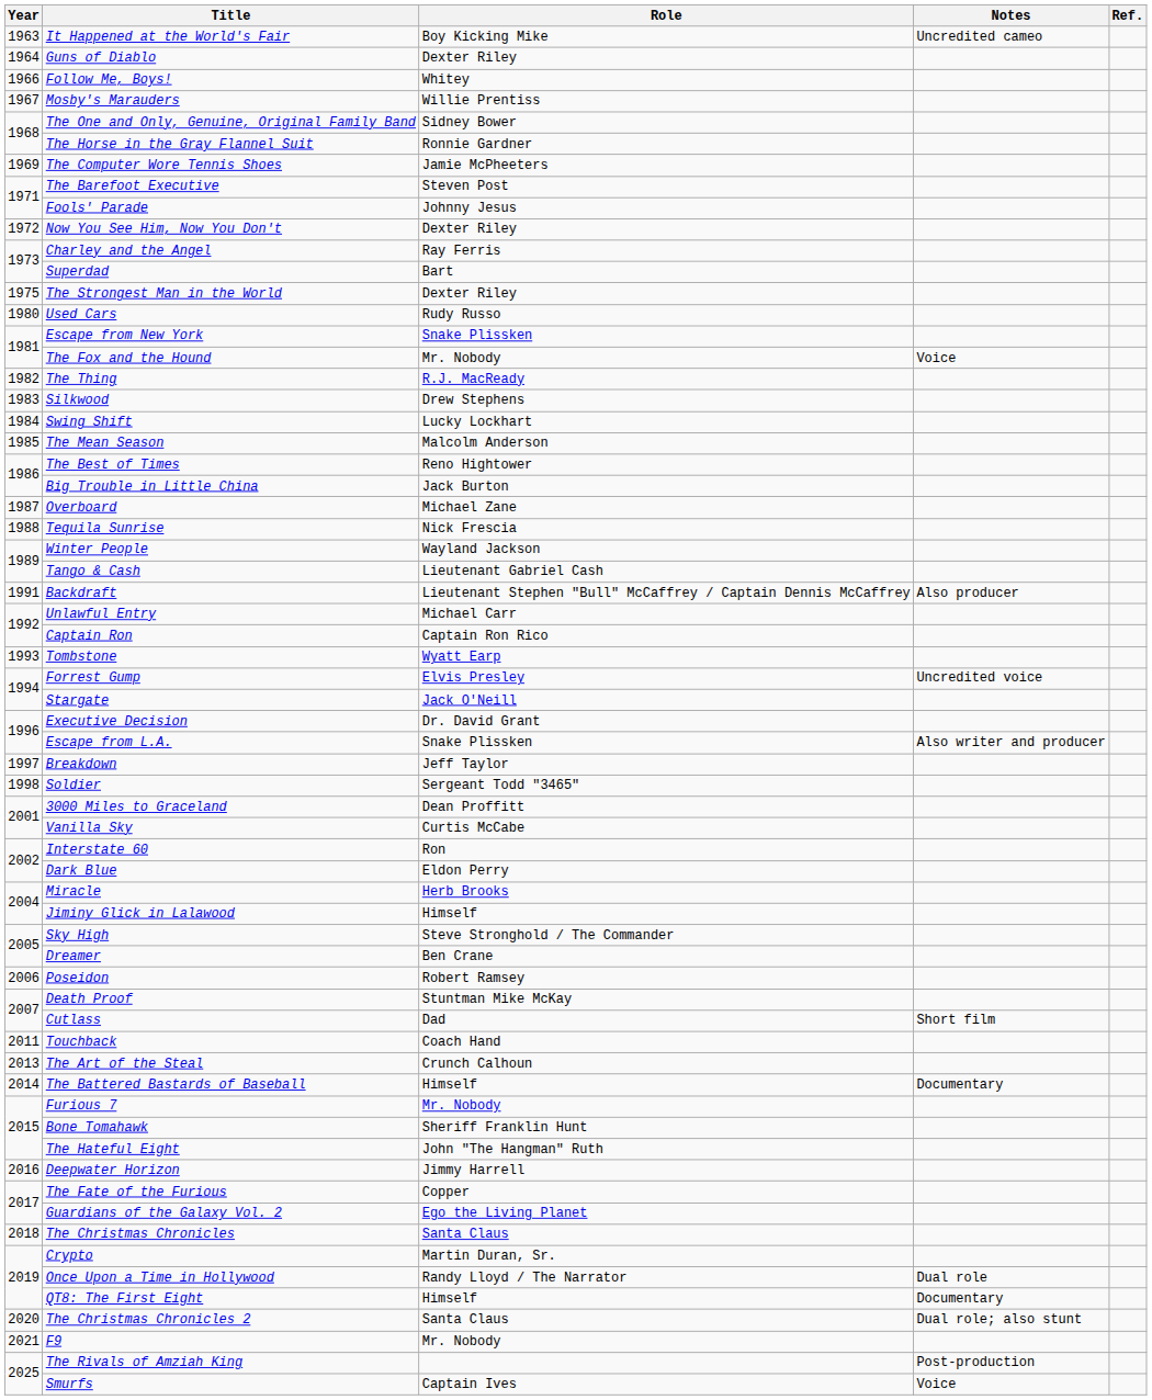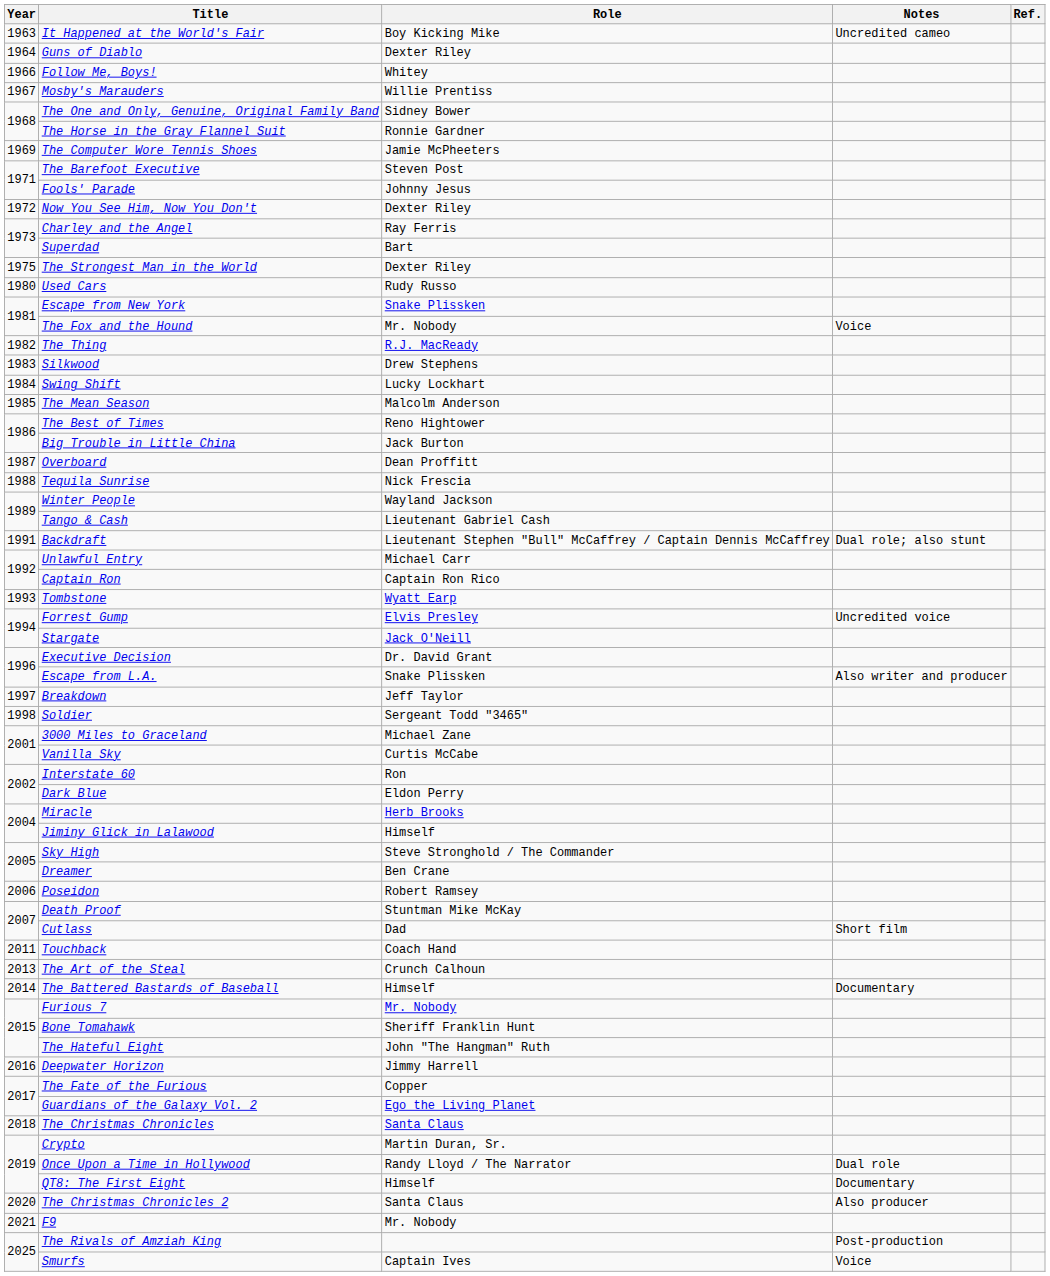 <table class="wikitable sortable plainrowheaders">
 <tr>
 <th>Year</th>
 <th>Title</th>
 <th>Role</th>
 <th>Notes</th>
 <th>Ref.</th>
 </tr>
 <tr>
 <td>1963</td>
 <td><em><a href='#'>It Happened at the World's Fair</a></em></td>
 <td>Boy Kicking Mike</td>
 <td>Uncredited cameo</td>
 <td align="center"></td>
 </tr>
 <tr>
 <td>1964</td>
 <td><em><a href='#'>Guns of Diablo</a></em></td>
 <td>Dexter Riley</td>
 <td></td>
 <td align="center"></td>
 </tr>
 <tr>
 <td>1966</td>
 <td><em><a href='#'>Follow Me, Boys!</a></em></td>
 <td>Whitey</td>
 <td></td>
 <td align="center"></td>
 </tr>
 <tr>
 <td>1967</td>
 <td><em><a href='#'>Mosby's Marauders</a></em></td>
 <td>Willie Prentiss</td>
 <td></td>
 <td align="center"></td>
 </tr>
 <tr>
 <td rowspan="2">1968</td>
 <td><em><a href='#'>The One and Only, Genuine, Original Family Band</a></em></td>
 <td>Sidney Bower</td>
 <td></td>
 <td align="center"></td>
 </tr>
 <tr>
 <td><em><a href='#'>The Horse in the Gray Flannel Suit</a></em></td>
 <td>Ronnie Gardner</td>
 <td></td>
 <td align="center"></td>
 </tr>
 <tr>
 <td>1969</td>
 <td><em><a href='#'>The Computer Wore Tennis Shoes</a></em></td>
 <td>Jamie McPheeters</td>
 <td></td>
 <td align="center"></td>
 </tr>
 <tr>
 <td rowspan="2">1971</td>
 <td><em><a href='#'>The Barefoot Executive</a></em></td>
 <td>Steven Post</td>
 <td></td>
 <td align="center"></td>
 </tr>
 <tr>
 <td><em><a href='#'>Fools' Parade</a></em></td>
 <td>Johnny Jesus</td>
 <td></td>
 <td align="center"></td>
 </tr>
 <tr>
 <td>1972</td>
 <td><em><a href='#'>Now You See Him, Now You Don't</a></em></td>
 <td>Dexter Riley</td>
 <td></td>
 <td align="center"></td>
 </tr>
 <tr>
 <td rowspan="2">1973</td>
 <td><em><a href='#'>Charley and the Angel</a></em></td>
 <td>Ray Ferris</td>
 <td></td>
 <td align="center"></td>
 </tr>
 <tr>
 <td><em><a href='#'>Superdad</a></em></td>
 <td>Bart</td>
 <td></td>
 <td align="center"></td>
 </tr>
 <tr>
 <td>1975</td>
 <td><em><a href='#'>The Strongest Man in the World</a></em></td>
 <td>Dexter Riley</td>
 <td></td>
 <td align="center"></td>
 </tr>
 <tr>
 <td>1980</td>
 <td><em><a href='#'>Used Cars</a></em></td>
 <td>Rudy Russo</td>
 <td></td>
 <td align="center"></td>
 </tr>
 <tr>
 <td rowspan="2">1981</td>
 <td><em><a href='#'>Escape from New York</a></em></td>
 <td><a href='#'>Snake Plissken</a></td>
 <td></td>
 <td align="center"></td>
 </tr>
 <tr>
 <td><em><a href='#'>The Fox and the Hound</a></em></td>
 <td>Mr. Nobody</td>
 <td>Voice</td>
 <td align="center"></td>
 </tr>
 <tr>
 <td>1982</td>
 <td><em><a href='#'>The Thing</a></em></td>
 <td><a href='#'>R.J. MacReady</a></td>
 <td></td>
 <td align="center"></td>
 </tr>
 <tr>
 <td>1983</td>
 <td><em><a href='#'>Silkwood</a></em></td>
 <td>Drew Stephens</td>
 <td></td>
 <td align="center"></td>
 </tr>
 <tr>
 <td>1984</td>
 <td><em><a href='#'>Swing Shift</a></em></td>
 <td>Lucky Lockhart</td>
 <td></td>
 <td align="center"></td>
 </tr>
 <tr>
 <td>1985</td>
 <td><em><a href='#'>The Mean Season</a></em></td>
 <td>Malcolm Anderson</td>
 <td></td>
 <td align="center"></td>
 </tr>
 <tr>
 <td rowspan="2">1986</td>
 <td><em><a href='#'>The Best of Times</a></em></td>
 <td>Reno Hightower</td>
 <td></td>
 <td align="center"></td>
 </tr>
 <tr>
 <td><em><a href='#'>Big Trouble in Little China</a></em></td>
 <td>Jack Burton</td>
 <td></td>
 <td align="center"></td>
 </tr>
 <tr>
 <td>1987</td>
 <td><em><a href='#'>Overboard</a></em></td>
-<td>Michael Zane</td>
+<td>Dean Proffitt</td>
 <td></td>
 <td align="center"></td>
 </tr>
 <tr>
 <td>1988</td>
 <td><em><a href='#'>Tequila Sunrise</a></em></td>
 <td>Nick Frescia</td>
 <td></td>
 <td align="center"></td>
 </tr>
 <tr>
 <td rowspan="2">1989</td>
 <td><em><a href='#'>Winter People</a></em></td>
 <td>Wayland Jackson</td>
 <td></td>
 <td align="center"></td>
 </tr>
 <tr>
 <td><em><a href='#'>Tango & Cash</a></em></td>
 <td>Lieutenant Gabriel Cash</td>
 <td></td>
 <td align="center"></td>
 </tr>
 <tr>
 <td>1991</td>
 <td><em><a href='#'>Backdraft</a></em></td>
 <td>Lieutenant Stephen "Bull" McCaffrey / Captain Dennis McCaffrey</td>
-<td>Also producer</td>
+<td>Dual role; also stunt</td>
 <td align="center"></td>
 </tr>
 <tr>
 <td rowspan="2">1992</td>
 <td><em><a href='#'>Unlawful Entry</a></em></td>
 <td>Michael Carr</td>
 <td></td>
 <td align="center"></td>
 </tr>
 <tr>
 <td><em><a href='#'>Captain Ron</a></em></td>
 <td>Captain Ron Rico</td>
 <td></td>
 <td align="center"></td>
 </tr>
 <tr>
 <td>1993</td>
 <td><em><a href='#'>Tombstone</a></em></td>
 <td><a href='#'>Wyatt Earp</a></td>
 <td></td>
 <td align="center"></td>
 </tr>
 <tr>
 <td rowspan="2">1994</td>
 <td><em><a href='#'>Forrest Gump</a></em></td>
 <td><a href='#'>Elvis Presley</a></td>
 <td>Uncredited voice</td>
 <td align="center"></td>
 </tr>
 <tr>
 <td><em><a href='#'>Stargate</a></em></td>
 <td><a href='#'>Jack O'Neill</a></td>
 <td></td>
 <td align="center"></td>
 </tr>
 <tr>
 <td rowspan="2">1996</td>
 <td><em><a href='#'>Executive Decision</a></em></td>
 <td>Dr. David Grant</td>
 <td></td>
 <td align="center"></td>
 </tr>
 <tr>
 <td><em><a href='#'>Escape from L.A.</a></em></td>
 <td>Snake Plissken</td>
 <td>Also writer and producer</td>
 <td align="center"></td>
 </tr>
 <tr>
 <td>1997</td>
 <td><em><a href='#'>Breakdown</a></em></td>
 <td>Jeff Taylor</td>
 <td></td>
 <td align="center"></td>
 </tr>
 <tr>
 <td>1998</td>
 <td><em><a href='#'>Soldier</a></em></td>
 <td>Sergeant Todd "3465"</td>
 <td></td>
 <td align="center"></td>
 </tr>
 <tr>
 <td rowspan="2">2001</td>
 <td><em><a href='#'>3000 Miles to Graceland</a></em></td>
-<td>Dean Proffitt</td>
+<td>Michael Zane</td>
 <td></td>
 <td align="center"></td>
 </tr>
 <tr>
 <td><em><a href='#'>Vanilla Sky</a></em></td>
 <td>Curtis McCabe</td>
 <td></td>
 <td align="center"></td>
 </tr>
 <tr>
 <td rowspan="2">2002</td>
 <td><em><a href='#'>Interstate 60</a></em></td>
 <td>Ron</td>
 <td></td>
 <td align="center"></td>
 </tr>
 <tr>
 <td><em><a href='#'>Dark Blue</a></em></td>
 <td>Eldon Perry</td>
 <td></td>
 <td align="center"></td>
 </tr>
 <tr>
 <td rowspan="2">2004</td>
 <td><em><a href='#'>Miracle</a></em></td>
 <td><a href='#'>Herb Brooks</a></td>
 <td></td>
 <td align="center"></td>
 </tr>
 <tr>
 <td><em><a href='#'>Jiminy Glick in Lalawood</a></em></td>
 <td>Himself</td>
 <td></td>
 <td align="center"></td>
 </tr>
 <tr>
 <td rowspan="2">2005</td>
 <td><em><a href='#'>Sky High</a></em></td>
 <td>Steve Stronghold / The Commander</td>
 <td></td>
 <td align="center"></td>
 </tr>
 <tr>
 <td><em><a href='#'>Dreamer</a></em></td>
 <td>Ben Crane</td>
 <td></td>
 <td align="center"></td>
 </tr>
 <tr>
 <td>2006</td>
 <td><em><a href='#'>Poseidon</a></em></td>
 <td>Robert Ramsey</td>
 <td></td>
 <td align="center"></td>
 </tr>
 <tr>
 <td rowspan="2">2007</td>
 <td><em><a href='#'>Death Proof</a></em></td>
 <td>Stuntman Mike McKay</td>
 <td></td>
 <td align="center"></td>
 </tr>
 <tr>
 <td><em><a href='#'>Cutlass</a></em></td>
 <td>Dad</td>
 <td>Short film</td>
 <td align="center"></td>
 </tr>
 <tr>
 <td>2011</td>
 <td><em><a href='#'>Touchback</a></em></td>
 <td>Coach Hand</td>
 <td></td>
 <td align="center"></td>
 </tr>
 <tr>
 <td>2013</td>
 <td><em><a href='#'>The Art of the Steal</a></em></td>
 <td>Crunch Calhoun</td>
 <td></td>
 <td align="center"></td>
 </tr>
 <tr>
 <td>2014</td>
 <td><em><a href='#'>The Battered Bastards of Baseball</a></em></td>
 <td>Himself</td>
 <td>Documentary</td>
 <td align="center"></td>
 </tr>
 <tr>
 <td rowspan="3">2015</td>
 <td><em><a href='#'>Furious 7</a></em></td>
 <td><a href='#'>Mr. Nobody</a></td>
 <td></td>
 <td align="center"></td>
 </tr>
 <tr>
 <td><em><a href='#'>Bone Tomahawk</a></em></td>
 <td>Sheriff Franklin Hunt</td>
 <td></td>
 <td align="center"></td>
 </tr>
 <tr>
 <td><em><a href='#'>The Hateful Eight</a></em></td>
 <td>John "The Hangman" Ruth</td>
 <td></td>
 <td align="center"></td>
 </tr>
 <tr>
 <td>2016</td>
 <td><em><a href='#'>Deepwater Horizon</a></em></td>
 <td>Jimmy Harrell</td>
 <td></td>
 <td align="center"></td>
 </tr>
 <tr>
 <td rowspan="2">2017</td>
 <td><em><a href='#'>The Fate of the Furious</a></em></td>
 <td>Copper</td>
 <td></td>
 <td align="center"></td>
 </tr>
 <tr>
 <td><em><a href='#'>Guardians of the Galaxy Vol. 2</a></em></td>
 <td><a href='#'>Ego the Living Planet</a></td>
 <td></td>
 <td align="center"></td>
 </tr>
 <tr>
 <td>2018</td>
 <td><em><a href='#'>The Christmas Chronicles</a></em></td>
 <td><a href='#'>Santa Claus</a></td>
 <td></td>
 <td align="center"></td>
 </tr>
 <tr>
 <td rowspan="3">2019</td>
 <td><em><a href='#'>Crypto</a></em></td>
 <td>Martin Duran, Sr.</td>
 <td></td>
 <td align="center"></td>
 </tr>
 <tr>
 <td><em><a href='#'>Once Upon a Time in Hollywood</a></em></td>
 <td>Randy Lloyd / The Narrator</td>
 <td>Dual role</td>
 <td align="center"></td>
 </tr>
 <tr>
 <td><em><a href='#'>QT8: The First Eight</a></em></td>
 <td>Himself</td>
 <td>Documentary</td>
 <td align="center"></td>
 </tr>
 <tr>
 <td>2020</td>
 <td><em><a href='#'>The Christmas Chronicles 2</a></em></td>
 <td>Santa Claus</td>
-<td>Dual role; also stunt</td>
+<td>Also producer</td>
 <td align="center"></td>
 </tr>
 <tr>
 <td>2021</td>
 <td><em><a href='#'>F9</a></em></td>
 <td>Mr. Nobody</td>
 <td></td>
 <td align="center"></td>
 </tr>
 <tr>
 <td rowspan="2">2025</td>
 <td><em><a href='#'>The Rivals of Amziah King</a></em></td>
 <td></td>
 <td>Post-production</td>
 <td align="center"></td>
 </tr>
 <tr>
 <td><em><a href='#'>Smurfs</a></em></td>
 <td>Captain Ives</td>
 <td>Voice</td>
 <td></td>
 </tr>
 </table>
